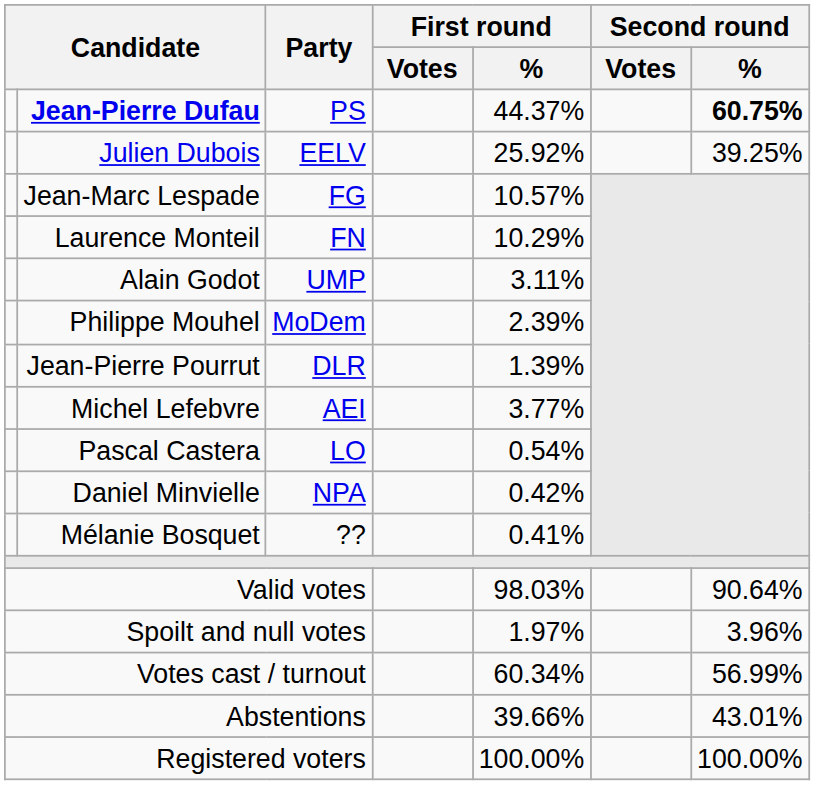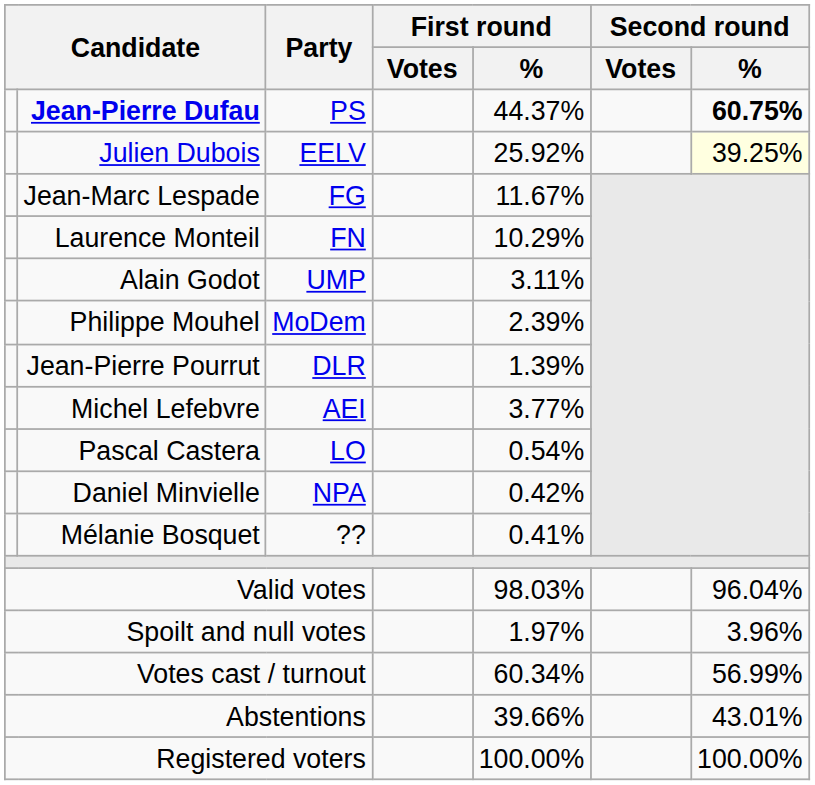 <table class="wikitable" style="text-align:right;font-size:95%;">
 <tr>
 <th rowspan=2 colspan=2>Candidate</th>
 <th rowspan=2 colspan=1>Party</th>
 <th colspan=2>First round</th>
 <th colspan=2>Second round</th>
 </tr>
 <tr>
 <th style="width:50px;">Votes</th>
 <th style="width:55px;">%</th>
 <th style="width:50px;">Votes</th>
 <th style="width:55px;">%</th>
 </tr>
 <tr>
 <td style="color:inherit;background-color:"></td>
 <td><strong><a href='#'>Jean-Pierre Dufau</a></strong></td>
 <td><a href='#'>PS</a></td>
 <td></td>
 <td>44.37%</td>
 <td><strong></strong></td>
 <td><strong>60.75%</strong></td>
 </tr>
 <tr>
 <td style="color:inherit;background-color:"></td>
 <td><a href='#'>Julien Dubois</a></td>
 <td><a href='#'>EELV</a></td>
 <td></td>
 <td>25.92%</td>
 <td></td>
-<td>39.25%</td>
+<td style="background: lightyellow;">39.25%</td>
 </tr>
 <tr>
 <td style="color:inherit;background-color:"></td>
 <td>Jean-Marc Lespade</td>
 <td><a href='#'>FG</a></td>
 <td></td>
-<td>10.57%</td>
+<td>11.67%</td>
 <td colspan=7 rowspan=9 style="background-color:#E9E9E9;"></td>
 </tr>
 <tr>
 <td style="color:inherit;background-color:"></td>
 <td>Laurence Monteil</td>
 <td><a href='#'>FN</a></td>
 <td></td>
 <td>10.29%</td>
 </tr>
 <tr>
 <td style="color:inherit;background-color:"></td>
 <td>Alain Godot</td>
 <td><a href='#'>UMP</a></td>
 <td></td>
 <td>3.11%</td>
 </tr>
 <tr>
 <td style="color:inherit;background-color:"></td>
 <td>Philippe Mouhel</td>
 <td><a href='#'>MoDem</a></td>
 <td></td>
 <td>2.39%</td>
 </tr>
 <tr>
 <td style="color:inherit;background-color:"></td>
 <td>Jean-Pierre Pourrut</td>
 <td><a href='#'>DLR</a></td>
 <td></td>
 <td>1.39%</td>
 </tr>
 <tr>
 <td style="color:inherit;background-color:"></td>
 <td>Michel Lefebvre</td>
 <td><a href='#'>AEI</a></td>
 <td></td>
 <td>3.77%</td>
 </tr>
 <tr>
 <td style="color:inherit;background-color:"></td>
 <td>Pascal Castera</td>
 <td><a href='#'>LO</a></td>
 <td></td>
 <td>0.54%</td>
 </tr>
 <tr>
 <td style="color:inherit;background-color:"></td>
 <td>Daniel Minvielle</td>
 <td><a href='#'>NPA</a></td>
 <td></td>
 <td>0.42%</td>
 </tr>
 <tr>
 <td style="background-color:;"></td>
 <td>Mélanie Bosquet</td>
 <td>??</td>
 <td></td>
 <td>0.41%</td>
 </tr>
 <tr>
 <td colspan=7 style="background-color:#E9E9E9;"></td>
 </tr>
 <tr>
 <td colspan=3>Valid votes</td>
 <td></td>
 <td>98.03%</td>
 <td></td>
-<td>90.64%</td>
+<td>96.04%</td>
 </tr>
 <tr>
 <td colspan=3>Spoilt and null votes</td>
 <td></td>
 <td>1.97%</td>
 <td></td>
 <td>3.96%</td>
 </tr>
 <tr>
 <td colspan=3>Votes cast / turnout</td>
 <td></td>
 <td>60.34%</td>
 <td></td>
 <td>56.99%</td>
 </tr>
 <tr>
 <td colspan=3>Abstentions</td>
 <td></td>
 <td>39.66%</td>
 <td></td>
 <td>43.01%</td>
 </tr>
 <tr>
 <td colspan=3>Registered voters</td>
 <td></td>
 <td>100.00%</td>
 <td></td>
 <td>100.00%</td>
 </tr>
 </table>
